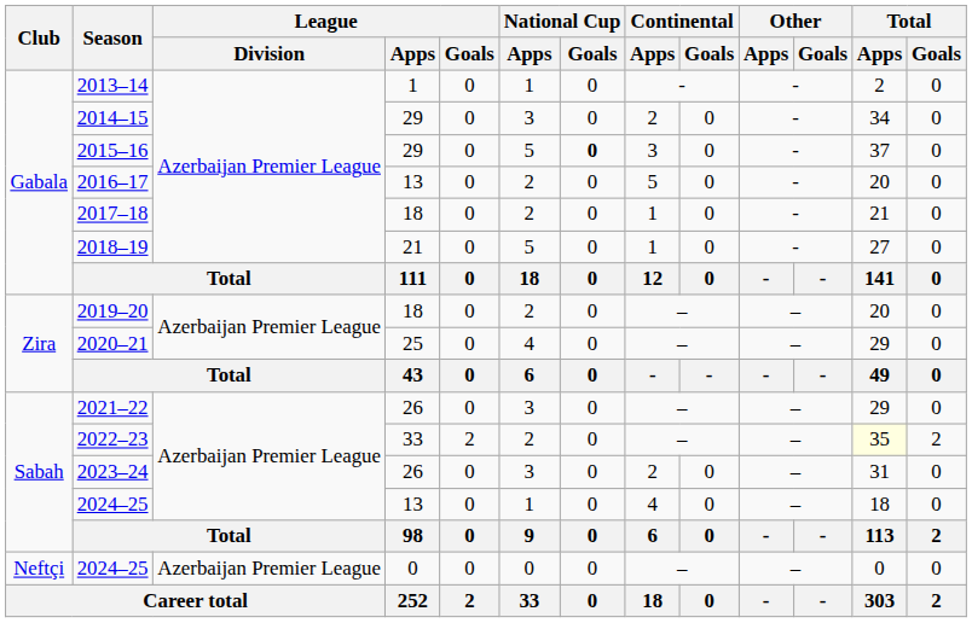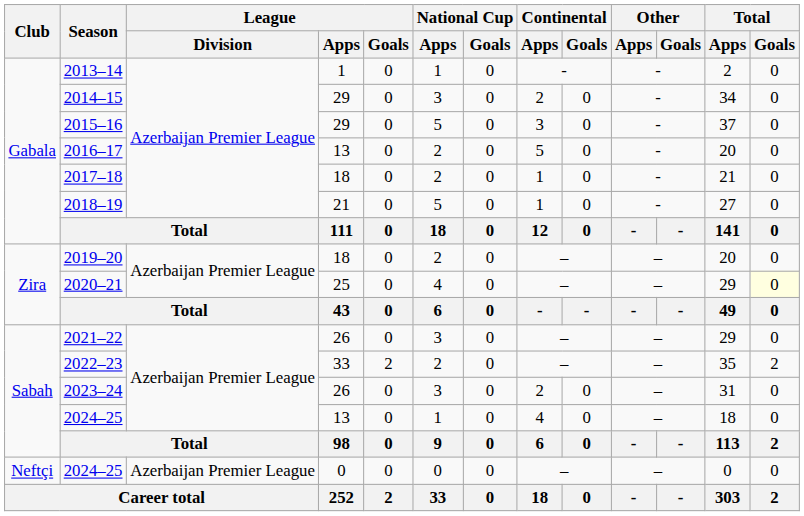 <table class="wikitable" style="text-align: center">
 <tr>
 <th rowspan="2">Club</th>
 <th rowspan="2">Season</th>
 <th colspan="3">League</th>
 <th colspan="2">National Cup</th>
 <th colspan="2">Continental</th>
 <th colspan="2">Other</th>
 <th colspan="2">Total</th>
 </tr>
 <tr>
 <th>Division</th>
 <th>Apps</th>
 <th>Goals</th>
 <th>Apps</th>
 <th>Goals</th>
 <th>Apps</th>
 <th>Goals</th>
 <th>Apps</th>
 <th>Goals</th>
 <th>Apps</th>
 <th>Goals</th>
 </tr>
 <tr>
 <td rowspan="7"><a href='#'>Gabala</a></td>
 <td><a href='#'>2013–14</a></td>
 <td rowspan="6"><a href='#'>Azerbaijan Premier League</a></td>
 <td>1</td>
 <td>0</td>
 <td>1</td>
 <td>0</td>
 <td colspan="2">-</td>
 <td colspan="2">-</td>
 <td>2</td>
 <td>0</td>
 </tr>
 <tr>
 <td><a href='#'>2014–15</a></td>
 <td>29</td>
 <td>0</td>
 <td>3</td>
 <td>0</td>
 <td>2</td>
 <td>0</td>
 <td colspan="2">-</td>
 <td>34</td>
 <td>0</td>
 </tr>
 <tr>
 <td><a href='#'>2015–16</a></td>
 <td>29</td>
 <td>0</td>
 <td>5</td>
-<td><strong>0</strong></td>
+<td>0</td>
 <td>3</td>
 <td>0</td>
 <td colspan="2">-</td>
 <td>37</td>
 <td>0</td>
 </tr>
 <tr>
 <td><a href='#'>2016–17</a></td>
 <td>13</td>
 <td>0</td>
 <td>2</td>
 <td>0</td>
 <td>5</td>
 <td>0</td>
 <td colspan="2">-</td>
 <td>20</td>
 <td>0</td>
 </tr>
 <tr>
 <td><a href='#'>2017–18</a></td>
 <td>18</td>
 <td>0</td>
 <td>2</td>
 <td>0</td>
 <td>1</td>
 <td>0</td>
 <td colspan="2">-</td>
 <td>21</td>
 <td>0</td>
 </tr>
 <tr>
 <td><a href='#'>2018–19</a></td>
 <td>21</td>
 <td>0</td>
 <td>5</td>
 <td>0</td>
 <td>1</td>
 <td>0</td>
 <td colspan="2">-</td>
 <td>27</td>
 <td>0</td>
 </tr>
 <tr>
 <th colspan="2">Total</th>
 <th>111</th>
 <th>0</th>
 <th>18</th>
 <th>0</th>
 <th>12</th>
 <th>0</th>
 <th>-</th>
 <th>-</th>
 <th>141</th>
 <th>0</th>
 </tr>
 <tr>
 <td rowspan="3"><a href='#'>Zira</a></td>
 <td><a href='#'>2019–20</a></td>
 <td rowspan="2">Azerbaijan Premier League</td>
 <td>18</td>
 <td>0</td>
 <td>2</td>
 <td>0</td>
 <td colspan="2">–</td>
 <td colspan="2">–</td>
 <td>20</td>
 <td>0</td>
 </tr>
 <tr>
 <td><a href='#'>2020–21</a></td>
 <td>25</td>
 <td>0</td>
 <td>4</td>
 <td>0</td>
 <td colspan="2">–</td>
 <td colspan="2">–</td>
 <td>29</td>
-<td>0</td>
+<td style="background: lightyellow;">0</td>
 </tr>
 <tr>
 <th colspan="2">Total</th>
 <th>43</th>
 <th>0</th>
 <th>6</th>
 <th>0</th>
 <th>-</th>
 <th>-</th>
 <th>-</th>
 <th>-</th>
 <th>49</th>
 <th>0</th>
 </tr>
 <tr>
 <td rowspan="5"><a href='#'>Sabah</a></td>
 <td><a href='#'>2021–22</a></td>
 <td rowspan="4">Azerbaijan Premier League</td>
 <td>26</td>
 <td>0</td>
 <td>3</td>
 <td>0</td>
 <td colspan="2">–</td>
 <td colspan="2">–</td>
 <td>29</td>
 <td>0</td>
 </tr>
 <tr>
 <td><a href='#'>2022–23</a></td>
 <td>33</td>
 <td>2</td>
 <td>2</td>
 <td>0</td>
 <td colspan="2">–</td>
 <td colspan="2">–</td>
-<td style="background: lightyellow;">35</td>
+<td>35</td>
 <td>2</td>
 </tr>
 <tr>
 <td><a href='#'>2023–24</a></td>
 <td>26</td>
 <td>0</td>
 <td>3</td>
 <td>0</td>
 <td>2</td>
 <td>0</td>
 <td colspan="2">–</td>
 <td>31</td>
 <td>0</td>
 </tr>
 <tr>
 <td><a href='#'>2024–25</a></td>
 <td>13</td>
 <td>0</td>
 <td>1</td>
 <td>0</td>
 <td>4</td>
 <td>0</td>
 <td colspan="2">–</td>
 <td>18</td>
 <td>0</td>
 </tr>
 <tr>
 <th colspan="2">Total</th>
 <th>98</th>
 <th>0</th>
 <th>9</th>
 <th>0</th>
 <th>6</th>
 <th>0</th>
 <th>-</th>
 <th>-</th>
 <th>113</th>
 <th>2</th>
 </tr>
 <tr>
 <td rowspan="1"><a href='#'>Neftçi</a></td>
 <td><a href='#'>2024–25</a></td>
 <td rowspan="1">Azerbaijan Premier League</td>
 <td>0</td>
 <td>0</td>
 <td>0</td>
 <td>0</td>
 <td colspan="2">–</td>
 <td colspan="2">–</td>
 <td>0</td>
 <td>0</td>
 </tr>
 <tr>
 <th colspan="3">Career total</th>
 <th>252</th>
 <th>2</th>
 <th>33</th>
 <th>0</th>
 <th>18</th>
 <th>0</th>
 <th>-</th>
 <th>-</th>
 <th>303</th>
 <th>2</th>
 </tr>
 </table>
